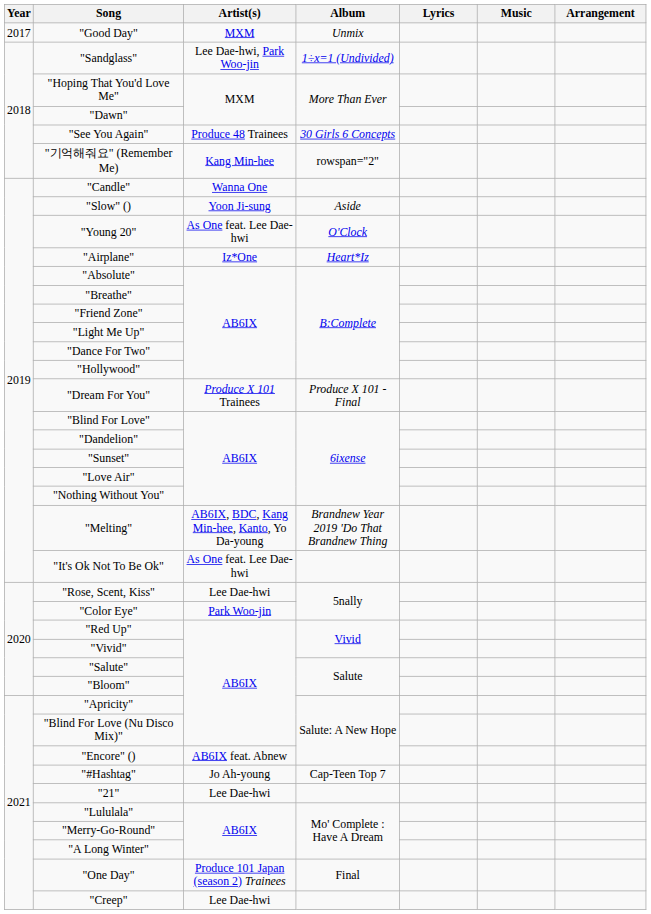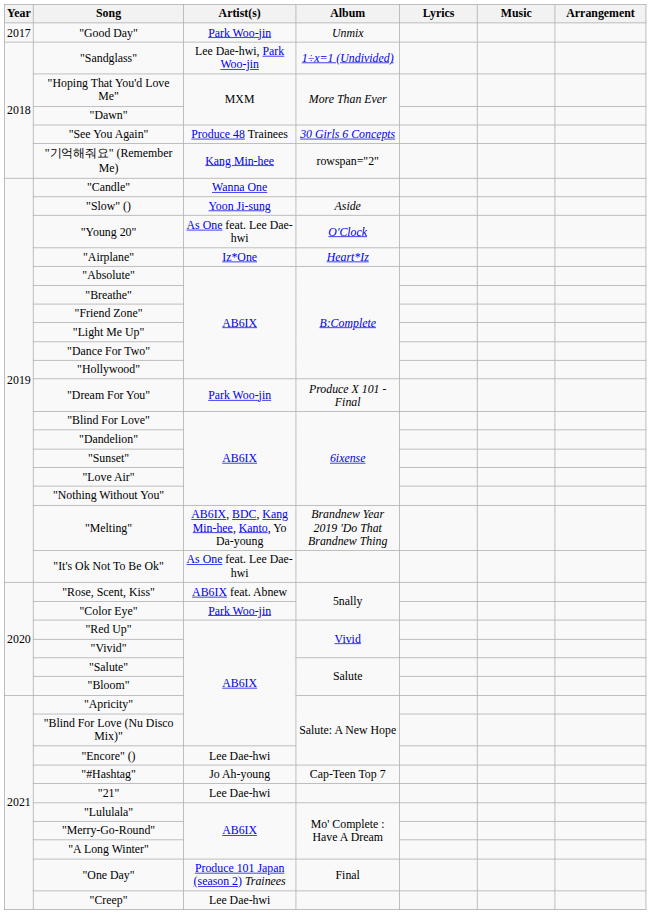 <table class="wikitable sortable" style="text-align: center;">
 <tr>
 <th rowspan="1">Year</th>
 <th rowspan="1" style="width:16em;">Song</th>
 <th rowspan="1" style="width:12em;">Artist(s)</th>
 <th rowspan="1" style="width:10em;">Album</th>
 <th colspan="1" style="width:8em;">Lyrics</th>
 <th colspan="1" style="width:8em;">Music</th>
 <th colspan="1" style="width:8em;">Arrangement</th>
 </tr>
 <tr>
 <td>2017</td>
 <td>"Good Day"</td>
-<td><a href='#'>MXM</a></td>
+<td><a href='#'>Park Woo-jin</a></td>
 <td><em>Unmix</em></td>
 <td></td>
 <td></td>
 <td></td>
 </tr>
 <tr>
 <td rowspan="5">2018</td>
 <td>"Sandglass" </td>
 <td>Lee Dae-hwi, <a href='#'>Park Woo-jin</a></td>
 <td><em><a href='#'>1÷x=1 (Undivided)</a></em></td>
 <td></td>
 <td></td>
 <td></td>
 </tr>
 <tr>
 <td>"Hoping That You'd Love Me" </td>
 <td rowspan="2">MXM</td>
 <td rowspan="2"><em>More Than Ever</em></td>
 <td></td>
 <td></td>
 <td></td>
 </tr>
 <tr>
 <td>"Dawn"</td>
 <td></td>
 <td></td>
 <td></td>
 </tr>
 <tr>
 <td>"See You Again" </td>
 <td><a href='#'>Produce 48</a> Trainees</td>
 <td><em><a href='#'>30 Girls 6 Concepts</a></em></td>
 <td></td>
 <td></td>
 <td></td>
 </tr>
 <tr>
 <td>"기억해줘요" (Remember Me)</td>
 <td><a href='#'>Kang Min-hee</a></td>
 <td>rowspan="2" </td>
 <td></td>
 <td></td>
 <td></td>
 </tr>
 <tr>
 <td rowspan="18">2019</td>
 <td>"Candle"</td>
 <td><a href='#'>Wanna One</a></td>
 <td></td>
 <td></td>
 <td></td>
 </tr>
 <tr>
 <td>"Slow" ()</td>
 <td><a href='#'>Yoon Ji-sung</a></td>
 <td><em>Aside</em></td>
 <td></td>
 <td></td>
 <td></td>
 </tr>
 <tr>
 <td>"Young 20"</td>
 <td><a href='#'>As One</a> feat. Lee Dae-hwi</td>
 <td><em><a href='#'>O'Clock</a></em></td>
 <td></td>
 <td></td>
 <td></td>
 </tr>
 <tr>
 <td>"Airplane"</td>
 <td><a href='#'>Iz*One</a></td>
 <td><em><a href='#'>Heart*Iz</a></em></td>
 <td></td>
 <td></td>
 <td></td>
 </tr>
 <tr>
 <td>"Absolute"</td>
 <td rowspan="6"><a href='#'>AB6IX</a></td>
 <td rowspan="6"><em><a href='#'>B:Complete</a></em></td>
 <td></td>
 <td></td>
 <td></td>
 </tr>
 <tr>
 <td>"Breathe"</td>
 <td></td>
 <td></td>
 <td></td>
 </tr>
 <tr>
 <td>"Friend Zone"</td>
 <td></td>
 <td></td>
 <td></td>
 </tr>
 <tr>
 <td>"Light Me Up"</td>
 <td></td>
 <td></td>
 <td></td>
 </tr>
 <tr>
 <td>"Dance For Two"</td>
 <td></td>
 <td></td>
 <td></td>
 </tr>
 <tr>
 <td>"Hollywood"</td>
 <td></td>
 <td></td>
 <td></td>
 </tr>
 <tr>
 <td>"Dream For You" </td>
-<td><em><a href='#'>Produce X 101</a></em> Trainees</td>
+<td><a href='#'>Park Woo-jin</a></td>
 <td><em>Produce X 101 - Final</em></td>
 <td></td>
 <td></td>
 <td></td>
 </tr>
 <tr>
 <td>"Blind For Love"</td>
 <td rowspan="5"><a href='#'>AB6IX</a></td>
 <td rowspan="5"><em><a href='#'>6ixense</a></em></td>
 <td></td>
 <td></td>
 <td></td>
 </tr>
 <tr>
 <td>"Dandelion" </td>
 <td></td>
 <td></td>
 <td></td>
 </tr>
 <tr>
 <td>"Sunset"</td>
 <td></td>
 <td></td>
 <td></td>
 </tr>
 <tr>
 <td>"Love Air"</td>
 <td></td>
 <td></td>
 <td></td>
 </tr>
 <tr>
 <td>"Nothing Without You"</td>
 <td></td>
 <td></td>
 <td></td>
 </tr>
 <tr>
 <td>"Melting"</td>
 <td><a href='#'>AB6IX</a>, <a href='#'>BDC</a>, <a href='#'>Kang Min-hee</a>, <a href='#'>Kanto</a>, Yo Da-young</td>
 <td><em>Brandnew Year 2019 'Do That Brandnew Thing<strong></td>
 <td></td>
 <td></td>
 <td></td>
 </tr>
 <tr>
 <td>"It's Ok Not To Be Ok" </td>
 <td><a href='#'>As One</a> feat. Lee Dae-hwi</td>
 <td></td>
 <td></td>
 <td></td>
 <td></td>
 </tr>
 <tr>
 <td rowspan="6">2020</td>
 <td>"Rose, Scent, Kiss"</td>
-<td>Lee Dae-hwi</td>
+<td><a href='#'>AB6IX</a> feat. Abnew</td>
 <td rowspan="2"></em>5nally<em></td>
 <td></td>
 <td></td>
 <td></td>
 </tr>
 <tr>
 <td>"Color Eye"</td>
 <td><a href='#'>Park Woo-jin</a></td>
 <td></td>
 <td></td>
 <td></td>
 </tr>
 <tr>
 <td>"Red Up"</td>
 <td rowspan="6"><a href='#'>AB6IX</a></td>
 <td rowspan="2"></em><a href='#'>Vivid</a><em></td>
 <td></td>
 <td></td>
 <td></td>
 </tr>
 <tr>
 <td>"Vivid"</td>
 <td></td>
 <td></td>
 <td></td>
 </tr>
 <tr>
 <td>"Salute"</td>
 <td rowspan="2"></em>Salute<em></td>
 <td></td>
 <td></td>
 <td></td>
 </tr>
 <tr>
 <td>"Bloom"</td>
 <td></td>
 <td></td>
 <td></td>
 </tr>
 <tr>
 <td rowspan="10">2021</td>
 <td>"Apricity"</td>
 <td rowspan="3"></em>Salute: A New Hope<em></td>
 <td></td>
 <td></td>
 <td></td>
 </tr>
 <tr>
 <td>"Blind For Love (Nu Disco Mix)"</td>
 <td></td>
 <td></td>
 <td></td>
 </tr>
 <tr>
 <td>"Encore" ()</td>
-<td><a href='#'>AB6IX</a> feat. Abnew</td>
+<td>Lee Dae-hwi</td>
 <td></td>
 <td></td>
 <td></td>
 </tr>
 <tr>
 <td>"#Hashtag"</td>
 <td>Jo Ah-young</td>
 <td></em>Cap-Teen Top 7<em></td>
 <td></td>
 <td></td>
 <td></td>
 </tr>
 <tr>
 <td>"21"</td>
 <td>Lee Dae-hwi</td>
 <td></td>
 <td></td>
 <td></td>
 <td></td>
 </tr>
 <tr>
 <td>"Lululala"</td>
 <td rowspan="3"><a href='#'>AB6IX</a></td>
 <td rowspan="3"></em>Mo' Complete : Have A Dream<em></td>
 <td></td>
 <td></td>
 <td></td>
 </tr>
 <tr>
 <td>"Merry-Go-Round"</td>
 <td></td>
 <td></td>
 <td></td>
 </tr>
 <tr>
 <td>"A Long Winter"</td>
 <td></td>
 <td></td>
 <td></td>
 </tr>
 <tr>
 <td>"One Day"</td>
 <td></em><a href='#'>Produce 101 Japan (season 2)</a><em> Trainees</td>
 <td></em>Final<em></td>
 <td></td>
 <td></td>
 <td></td>
 </tr>
 <tr>
 <td>"Creep"</td>
 <td>Lee Dae-hwi</td>
 <td></td>
 <td></td>
 <td></td>
 <td></td>
 </tr>
 </table>
